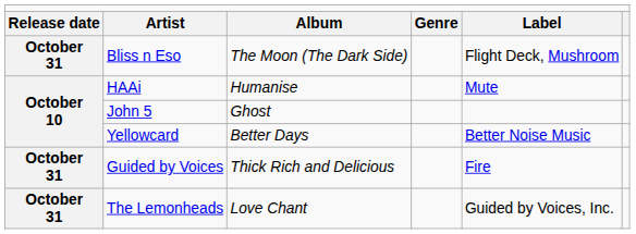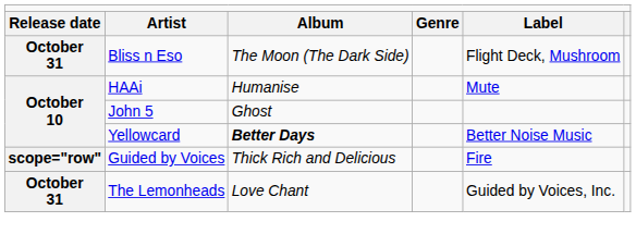 <table class="wikitable plainrowheaders">
 <tr>
 <td colspan="6" style="text-align:center;"></td>
 </tr>
 <tr>
 <th scope="col">Release date</th>
 <th scope="col">Artist</th>
 <th scope="col">Album</th>
 <th scope="col">Genre</th>
 <th scope="col">Label</th>
 <th scope="col"></th>
 </tr>
 <tr>
 <th scope="row" style="text-align:center;">October<br>31</th>
 <td><a href='#'>Bliss n Eso</a></td>
 <td><em>The Moon (The Dark Side)</em></td>
 <td></td>
 <td>Flight Deck, <a href='#'>Mushroom</a></td>
 <td></td>
 </tr>
 <tr>
 <th scope="row" rowspan="3" style="text-align:center;">October<br>10</th>
 <td><a href='#'>HAAi</a></td>
 <td><em>Humanise</em></td>
 <td></td>
 <td><a href='#'>Mute</a></td>
 <td></td>
 </tr>
 <tr>
 <td><a href='#'>John 5</a></td>
 <td><em>Ghost</em></td>
 <td></td>
 <td></td>
 <td></td>
 </tr>
 <tr>
 <td><a href='#'>Yellowcard</a></td>
-<td><em>Better Days</em></td>
+<td><strong><em>Better Days</em></strong></td>
 <td></td>
 <td><a href='#'>Better Noise Music</a></td>
 <td></td>
 </tr>
 <tr>
-<th scope="row" style="text-align:center;">October<br>31</th>
+<th>scope="row" </th>
 <td><a href='#'>Guided by Voices</a></td>
 <td><em>Thick Rich and Delicious</em></td>
 <td></td>
 <td><a href='#'>Fire</a></td>
 <td></td>
 </tr>
 <tr>
 <th scope="row" style="text-align:center;">October<br>31</th>
 <td><a href='#'>The Lemonheads</a></td>
 <td><em>Love Chant</em></td>
 <td></td>
 <td>Guided by Voices, Inc.</td>
 <td></td>
 </tr>
 </table>
